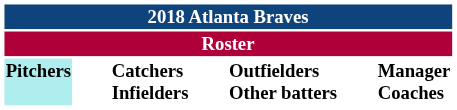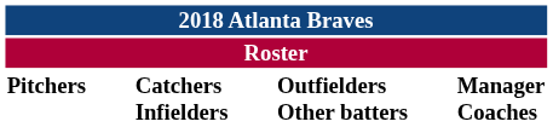 <table class="toccolours" style="font-size: 95%;">
 <tr>
 <th colspan="10" style="background:#0f437c; color:#fff; text-align:center;">2018 Atlanta Braves</th>
 </tr>
 <tr>
 <td colspan="10" style="background:#af0039; color:white; text-align:center;"><strong>Roster</strong></td>
 </tr>
 <tr>
-<td valign="top" style="background: paleturquoise;"><strong>Pitchers</strong><br>                                 </td>
+<td valign="top"><strong>Pitchers</strong><br>                                 </td>
 <td style="width:25px;"></td>
 <td valign="top"><strong>Catchers</strong><br>     <strong>Infielders</strong>         </td>
 <td style="width:25px;"></td>
 <td valign="top"><strong>Outfielders</strong><br>         <strong>Other batters</strong> </td>
 <td style="width:25px;"></td>
 <td valign="top"><strong>Manager</strong><br> <strong>Coaches</strong>                    </td>
 </tr>
 </table>
